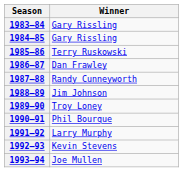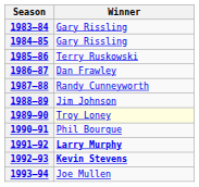 <table class="wikitable">
 <tr>
 <th scope="col" style="width:5em">Season</th>
 <th scope="col" style="width:15em">Winner</th>
 </tr>
 <tr>
 <th scope="row"><a href='#'>1983–84</a></th>
 <td><a href='#'>Gary Rissling</a></td>
 </tr>
 <tr>
 <th scope="row"><a href='#'>1984–85</a></th>
 <td><a href='#'>Gary Rissling</a></td>
 </tr>
 <tr>
 <th scope="row"><a href='#'>1985–86</a></th>
 <td><a href='#'>Terry Ruskowski</a></td>
 </tr>
 <tr>
 <th scope="row"><a href='#'>1986–87</a></th>
 <td><a href='#'>Dan Frawley</a></td>
 </tr>
 <tr>
 <th scope="row"><a href='#'>1987–88</a></th>
 <td><a href='#'>Randy Cunneyworth</a></td>
 </tr>
 <tr>
 <th scope="row"><a href='#'>1988–89</a></th>
 <td><a href='#'>Jim Johnson</a></td>
 </tr>
 <tr>
 <th scope="row"><a href='#'>1989–90</a></th>
-<td><a href='#'>Troy Loney</a></td>
+<td style="background: lightyellow;"><a href='#'>Troy Loney</a></td>
 </tr>
 <tr>
 <th scope="row"><a href='#'>1990–91</a></th>
 <td><a href='#'>Phil Bourque</a></td>
 </tr>
 <tr>
 <th scope="row"><a href='#'>1991–92</a></th>
-<td><a href='#'>Larry Murphy</a></td>
+<td><strong><a href='#'>Larry Murphy</a></strong></td>
 </tr>
 <tr>
 <th scope="row"><a href='#'>1992–93</a></th>
-<td><a href='#'>Kevin Stevens</a></td>
+<td><strong><a href='#'>Kevin Stevens</a></strong></td>
 </tr>
 <tr>
 <th scope="row"><a href='#'>1993–94</a></th>
 <td><a href='#'>Joe Mullen</a></td>
 </tr>
 </table>
